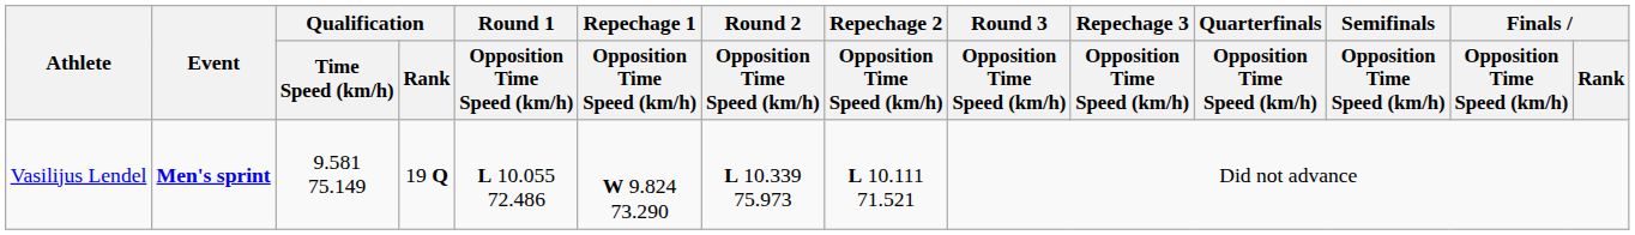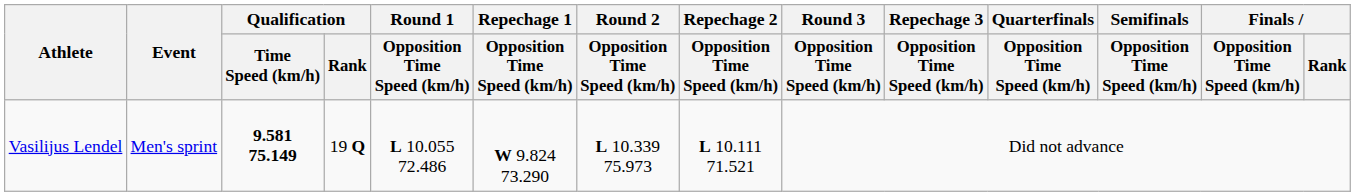 <table class=wikitable style=font-size:90%;text-align:center>
 <tr>
 <th rowspan=2>Athlete</th>
 <th rowspan=2>Event</th>
 <th colspan=2>Qualification</th>
 <th>Round 1</th>
 <th>Repechage 1</th>
 <th>Round 2</th>
 <th>Repechage 2</th>
 <th>Round 3</th>
 <th>Repechage 3</th>
 <th>Quarterfinals</th>
 <th>Semifinals</th>
 <th colspan=2>Finals / </th>
 </tr>
 <tr style=font-size:95%>
 <th>Time<br>Speed (km/h)</th>
 <th>Rank</th>
 <th>Opposition<br>Time<br>Speed (km/h)</th>
 <th>Opposition<br>Time<br>Speed (km/h)</th>
 <th>Opposition<br>Time<br>Speed (km/h)</th>
 <th>Opposition<br>Time<br>Speed (km/h)</th>
 <th>Opposition<br>Time<br>Speed (km/h)</th>
 <th>Opposition<br>Time<br>Speed (km/h)</th>
 <th>Opposition<br>Time<br>Speed (km/h)</th>
 <th>Opposition<br>Time<br>Speed (km/h)</th>
 <th>Opposition<br>Time<br>Speed (km/h)</th>
 <th>Rank</th>
 </tr>
 <tr>
 <td align=left><a href='#'>Vasilijus Lendel</a></td>
-<td align=left><strong><a href='#'>Men's sprint</a></strong></td>
-<td>9.581<br>75.149</td>
+<td align=left><a href='#'>Men's sprint</a></td>
+<td><strong>9.581<br>75.149</strong></td>
 <td>19 <strong>Q</strong></td>
 <td><br><strong>L</strong> 10.055<br>72.486</td>
 <td><br><br><strong>W</strong> 9.824<br>73.290</td>
 <td><br><strong>L</strong> 10.339<br>75.973</td>
 <td><br><strong>L</strong> 10.111<br>71.521</td>
 <td colspan=6>Did not advance</td>
 </tr>
 </table>
